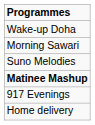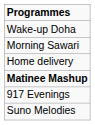 <table class="wikitable">
 <tr>
 <td colspan="1"><strong>Programmes</strong></td>
 </tr>
 <tr>
 <td>Wake-up Doha</td>
 </tr>
 <tr>
 <td>Morning Sawari</td>
 </tr>
 <tr>
-<td>Suno Melodies</td>
+<td>Home delivery</td>
 </tr>
 <tr>
 <td><strong>Matinee Mashup</strong></td>
 </tr>
 <tr>
 <td>917 Evenings</td>
 </tr>
 <tr>
-<td>Home delivery</td>
+<td>Suno Melodies</td>
 </tr>
 </table>
